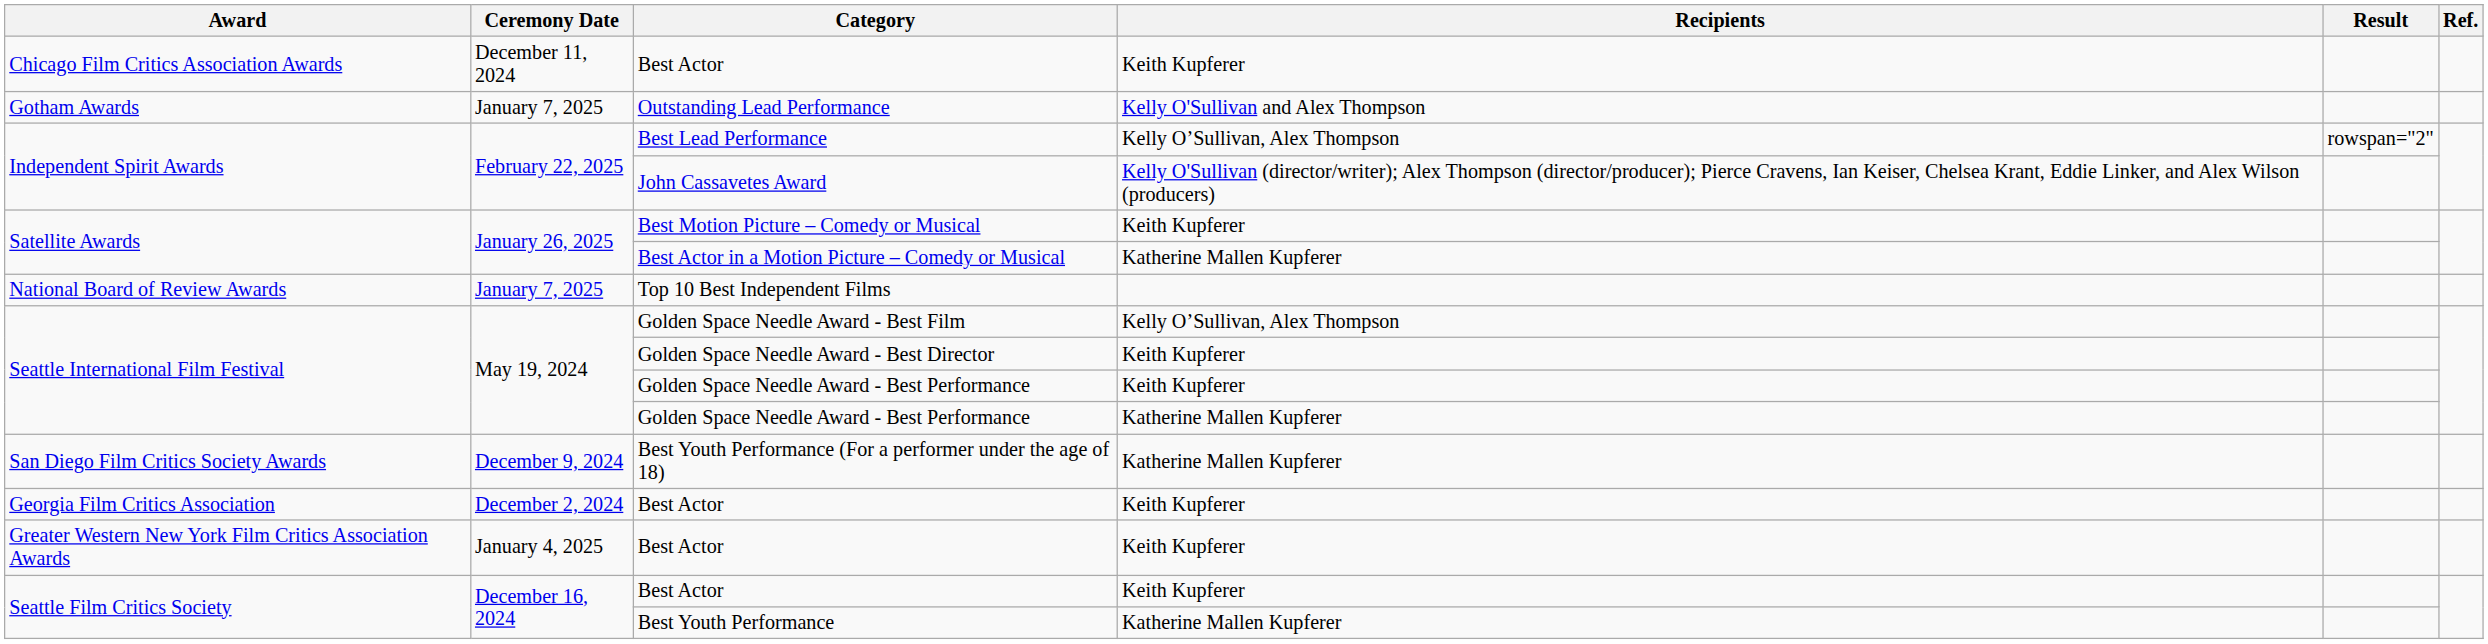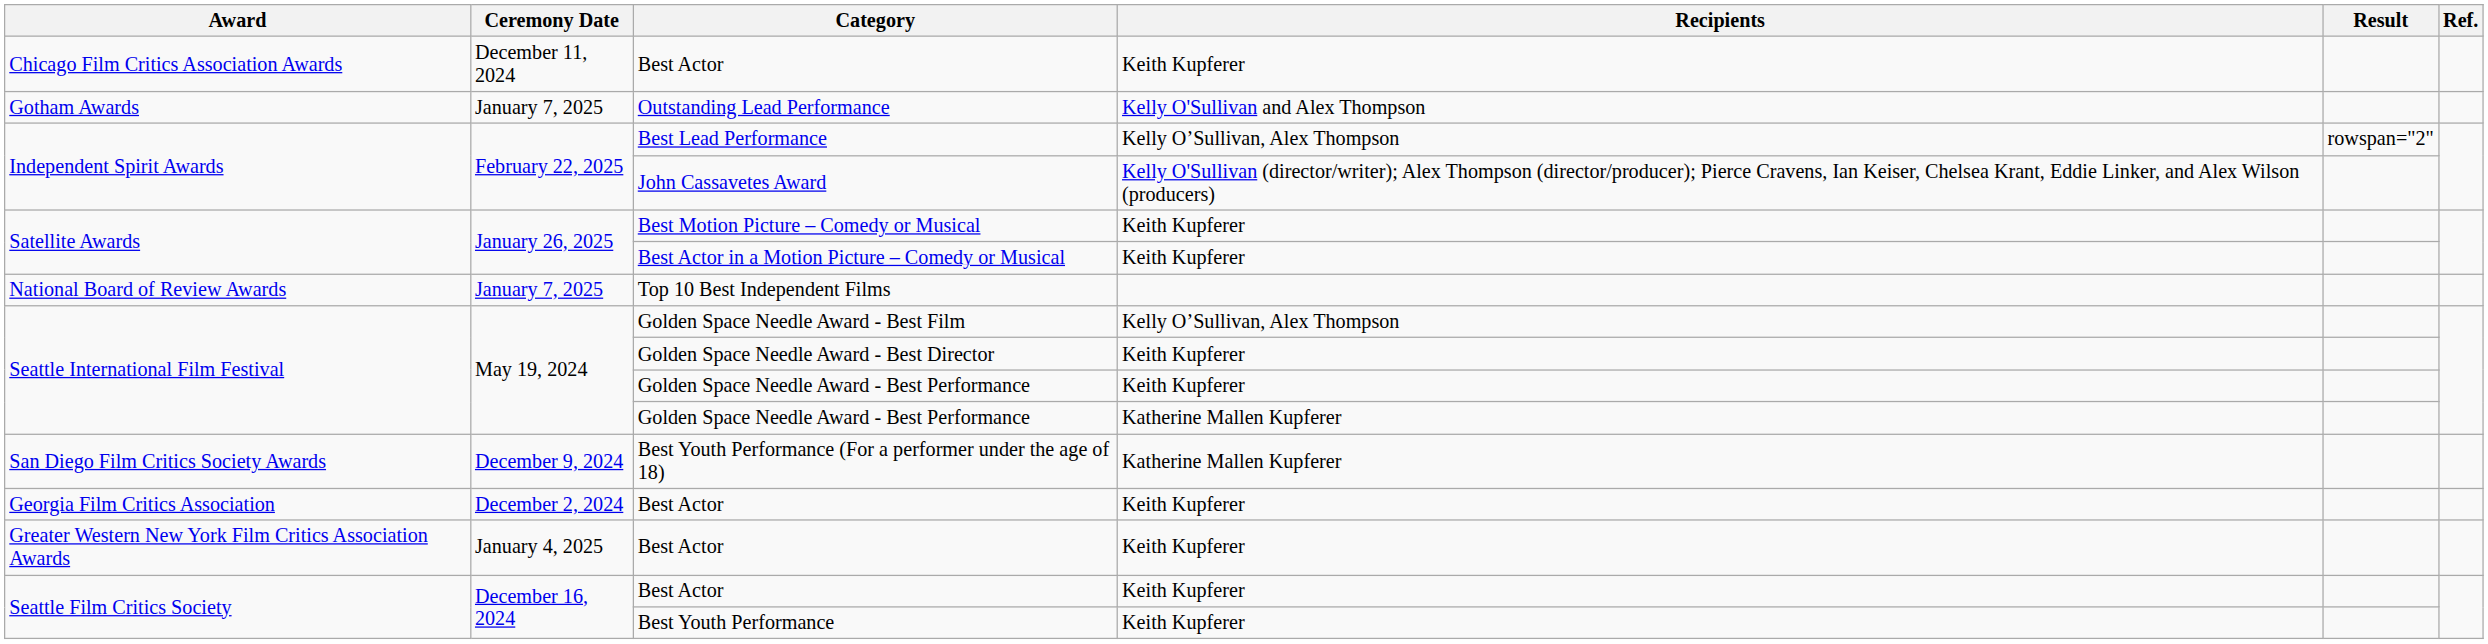 <table class="wikitable sortable">
 <tr>
 <th>Award</th>
 <th>Ceremony Date</th>
 <th>Category</th>
 <th>Recipients</th>
 <th>Result</th>
 <th>Ref.</th>
 </tr>
 <tr>
 <td><a href='#'>Chicago Film Critics Association Awards</a></td>
 <td>December 11, 2024</td>
 <td>Best Actor</td>
 <td>Keith Kupferer</td>
 <td></td>
 <td></td>
 </tr>
 <tr>
 <td><a href='#'>Gotham Awards</a></td>
 <td>January 7, 2025</td>
 <td><a href='#'>Outstanding Lead Performance</a></td>
 <td><a href='#'>Kelly O'Sullivan</a> and Alex Thompson</td>
 <td></td>
 <td></td>
 </tr>
 <tr>
 <td rowspan="2"><a href='#'>Independent Spirit Awards</a></td>
 <td rowspan="2"><a href='#'>February 22, 2025</a></td>
 <td><a href='#'>Best Lead Performance</a></td>
 <td>Kelly O’Sullivan, Alex Thompson</td>
 <td>rowspan="2" </td>
 <td rowspan="2"></td>
 </tr>
 <tr>
 <td><a href='#'>John Cassavetes Award</a></td>
 <td><a href='#'>Kelly O'Sullivan</a> (director/writer); Alex Thompson (director/producer); Pierce Cravens, Ian Keiser, Chelsea Krant, Eddie Linker, and Alex Wilson (producers)</td>
 </tr>
 <tr>
 <td rowspan="2"><a href='#'>Satellite Awards</a></td>
 <td rowspan="2"><a href='#'>January 26, 2025</a></td>
 <td><a href='#'>Best Motion Picture – Comedy or Musical</a></td>
 <td>Keith Kupferer</td>
 <td></td>
 <td rowspan="2"></td>
 </tr>
 <tr>
 <td><a href='#'>Best Actor in a Motion Picture – Comedy or Musical</a></td>
-<td>Katherine Mallen Kupferer</td>
+<td>Keith Kupferer</td>
 <td></td>
 </tr>
 <tr>
 <td><a href='#'>National Board of Review Awards</a></td>
 <td><a href='#'>January 7, 2025</a></td>
 <td>Top 10 Best Independent Films</td>
 <td></td>
 <td></td>
 <td></td>
 </tr>
 <tr>
 <td rowspan="4"><a href='#'>Seattle International Film Festival</a></td>
 <td rowspan="4">May 19, 2024</td>
 <td>Golden Space Needle Award - Best Film</td>
 <td>Kelly O’Sullivan, Alex Thompson</td>
 <td></td>
 <td rowspan="4"></td>
 </tr>
 <tr>
 <td>Golden Space Needle Award - Best Director</td>
 <td>Keith Kupferer</td>
 <td></td>
 </tr>
 <tr>
 <td>Golden Space Needle Award - Best Performance</td>
 <td>Keith Kupferer</td>
 <td></td>
 </tr>
 <tr>
 <td>Golden Space Needle Award - Best Performance</td>
 <td>Katherine Mallen Kupferer</td>
 <td></td>
 </tr>
 <tr>
 <td><a href='#'>San Diego Film Critics Society Awards</a></td>
 <td><a href='#'>December 9, 2024</a></td>
 <td>Best Youth Performance (For a performer under the age of 18)</td>
 <td>Katherine Mallen Kupferer</td>
 <td></td>
 <td></td>
 </tr>
 <tr>
 <td><a href='#'>Georgia Film Critics Association</a></td>
 <td><a href='#'>December 2, 2024</a></td>
 <td>Best Actor</td>
 <td>Keith Kupferer</td>
 <td></td>
 <td></td>
 </tr>
 <tr>
 <td><a href='#'>Greater Western New York Film Critics Association Awards</a></td>
 <td>January 4, 2025</td>
 <td>Best Actor</td>
 <td>Keith Kupferer</td>
 <td></td>
 <td></td>
 </tr>
 <tr>
 <td rowspan="2"><a href='#'>Seattle Film Critics Society</a></td>
 <td rowspan="2"><a href='#'>December 16, 2024</a></td>
 <td>Best Actor</td>
 <td>Keith Kupferer</td>
 <td></td>
 <td rowspan="2"></td>
 </tr>
 <tr>
 <td>Best Youth Performance</td>
-<td>Katherine Mallen Kupferer</td>
+<td>Keith Kupferer</td>
 <td></td>
 </tr>
 </table>
